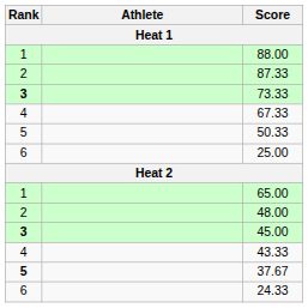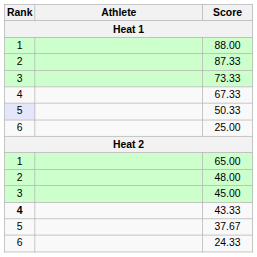 <table class="wikitable" style="text-align:center;">
 <tr>
 <th width=40>Rank</th>
 <th width=250>Athlete</th>
 <th width=70>Score</th>
 </tr>
 <tr>
 <th colspan=3>Heat 1</th>
 </tr>
 <tr bgcolor="ccffcc">
 <td>1</td>
 <td align=left></td>
 <td>88.00</td>
 </tr>
 <tr bgcolor="ccffcc">
 <td>2</td>
 <td align=left></td>
 <td>87.33</td>
 </tr>
 <tr bgcolor="ccffcc">
-<td><strong>3</strong></td>
+<td>3</td>
 <td align=left></td>
 <td>73.33</td>
 </tr>
 <tr>
 <td>4</td>
 <td align=left></td>
 <td>67.33</td>
 </tr>
 <tr>
-<td>5</td>
+<td style="background: lavender;">5</td>
 <td align=left></td>
 <td>50.33</td>
 </tr>
 <tr>
 <td>6</td>
 <td align=left></td>
 <td>25.00</td>
 </tr>
 <tr>
 <th colspan=3>Heat 2</th>
 </tr>
 <tr bgcolor="ccffcc">
 <td>1</td>
 <td align=left></td>
 <td>65.00</td>
 </tr>
 <tr bgcolor="ccffcc">
 <td>2</td>
 <td align=left></td>
 <td>48.00</td>
 </tr>
 <tr bgcolor="ccffcc">
-<td><strong>3</strong></td>
+<td>3</td>
 <td align=left></td>
 <td>45.00</td>
 </tr>
 <tr>
-<td>4</td>
+<td><strong>4</strong></td>
 <td align=left></td>
 <td>43.33</td>
 </tr>
 <tr>
-<td><strong>5</strong></td>
+<td>5</td>
 <td align=left></td>
 <td>37.67</td>
 </tr>
 <tr>
 <td>6</td>
 <td align=left></td>
 <td>24.33</td>
 </tr>
 </table>
